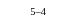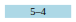 <table style="text-align:center">
 <tr>
 <th width=200></th>
 <th width=100></th>
 <th width=200></th>
 </tr>
 <tr>
 <td align=right><strong></strong></td>
-<td>5–4</td>
+<td style="background: lightblue;">5–4</td>
 <td align=left></td>
 </tr>
 </table>
